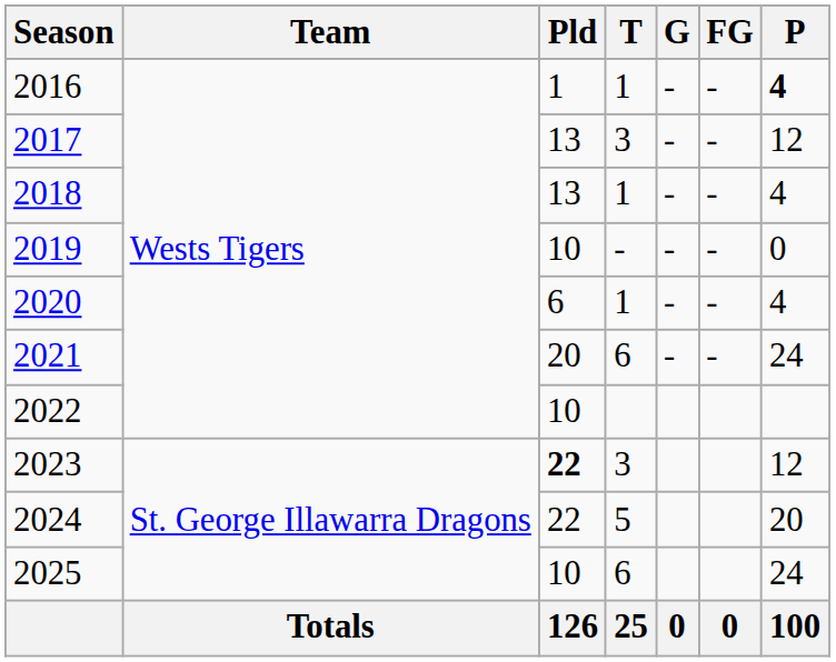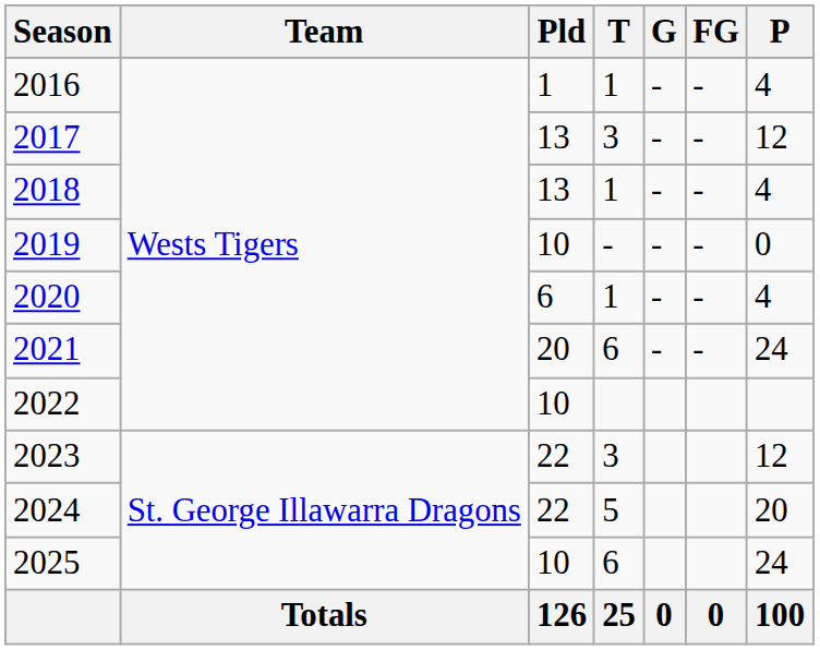 <table class="wikitable">
 <tr>
 <th>Season</th>
 <th>Team</th>
 <th>Pld</th>
 <th>T</th>
 <th>G</th>
 <th>FG</th>
 <th>P</th>
 </tr>
 <tr>
 <td>2016</td>
 <td rowspan="7"> <a href='#'>Wests Tigers</a></td>
 <td>1</td>
 <td>1</td>
 <td>-</td>
 <td>-</td>
-<td><strong>4</strong></td>
+<td>4</td>
 </tr>
 <tr>
 <td><a href='#'>2017</a></td>
 <td>13</td>
 <td>3</td>
 <td>-</td>
 <td>-</td>
 <td>12</td>
 </tr>
 <tr>
 <td><a href='#'>2018</a></td>
 <td>13</td>
 <td>1</td>
 <td>-</td>
 <td>-</td>
 <td>4</td>
 </tr>
 <tr>
 <td><a href='#'>2019</a></td>
 <td>10</td>
 <td>-</td>
 <td>-</td>
 <td>-</td>
 <td>0</td>
 </tr>
 <tr>
 <td><a href='#'>2020</a></td>
 <td>6</td>
 <td>1</td>
 <td>-</td>
 <td>-</td>
 <td>4</td>
 </tr>
 <tr>
 <td><a href='#'>2021</a></td>
 <td>20</td>
 <td>6</td>
 <td>-</td>
 <td>-</td>
 <td>24</td>
 </tr>
 <tr>
 <td>2022</td>
 <td>10</td>
 <td></td>
 <td></td>
 <td></td>
 <td></td>
 </tr>
 <tr>
 <td>2023</td>
 <td rowspan="3"> <a href='#'>St. George Illawarra Dragons</a></td>
-<td><strong>22</strong></td>
+<td>22</td>
 <td>3</td>
 <td></td>
 <td></td>
 <td>12</td>
 </tr>
 <tr>
 <td>2024</td>
 <td>22</td>
 <td>5</td>
 <td></td>
 <td></td>
 <td>20</td>
 </tr>
 <tr>
 <td>2025</td>
 <td>10</td>
 <td>6</td>
 <td></td>
 <td></td>
 <td>24</td>
 </tr>
 <tr>
 <th></th>
 <th>Totals</th>
 <th>126</th>
 <th>25</th>
 <th>0</th>
 <th>0</th>
 <th>100</th>
 </tr>
 </table>
